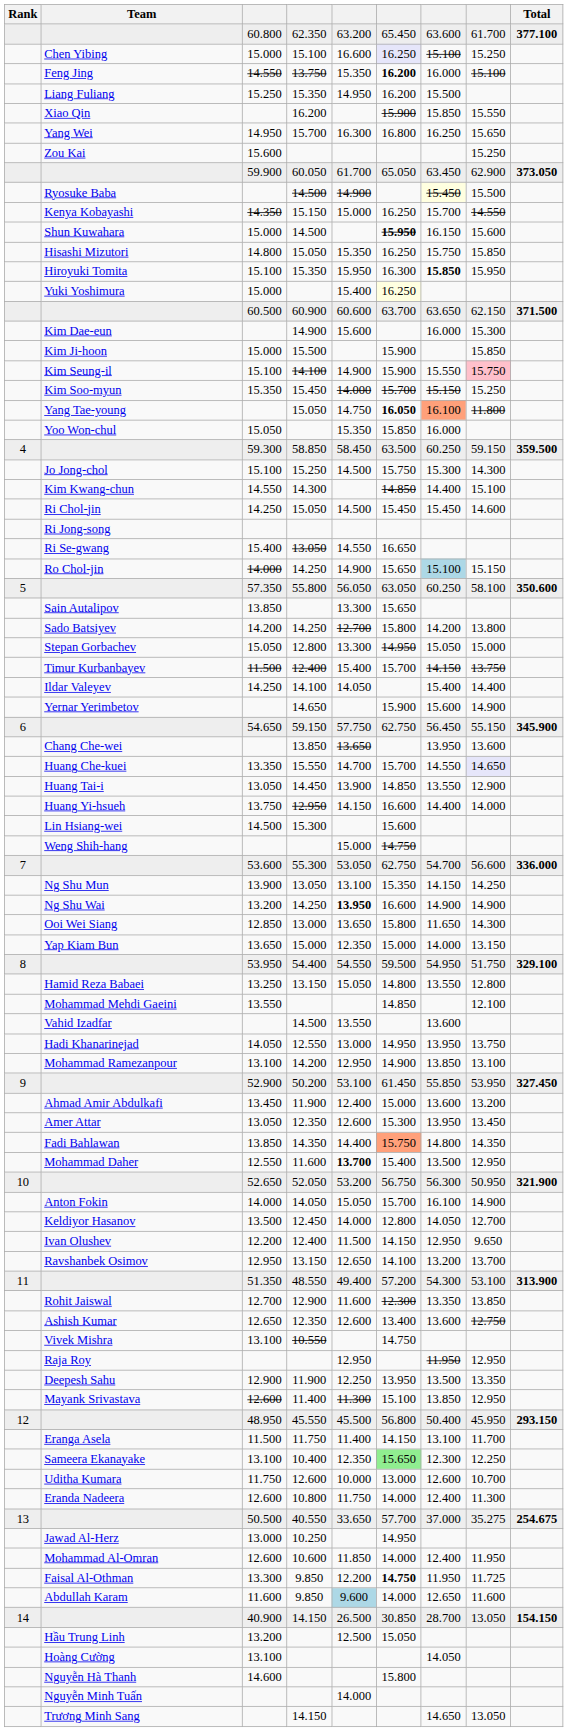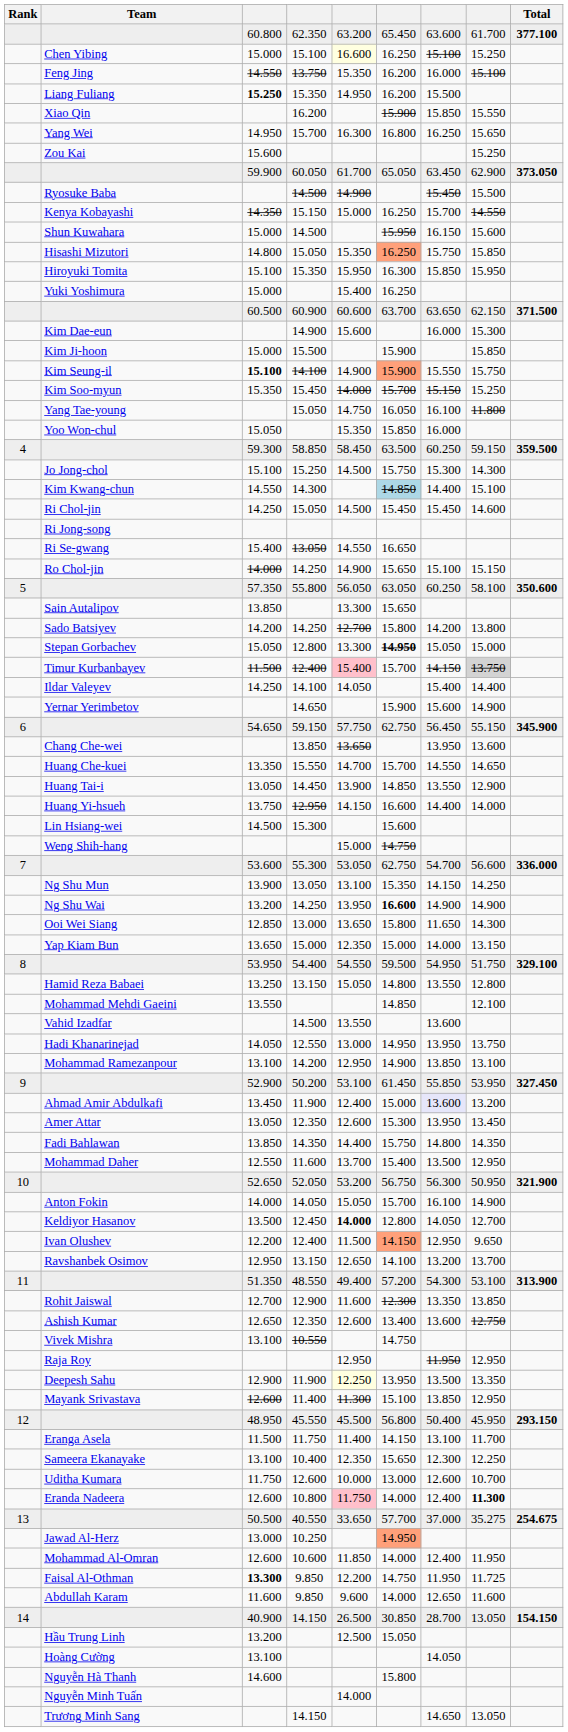 <table class=wikitable style="text-align:center">
 <tr>
 <th width=40>Rank</th>
 <th width=250>Team</th>
 <th width=50></th>
 <th width=50></th>
 <th width=50></th>
 <th width=50></th>
 <th width=50></th>
 <th width=50></th>
 <th width=60>Total</th>
 </tr>
 <tr bgcolor=eeeeee>
 <td></td>
 <td align=left></td>
 <td>60.800</td>
 <td>62.350</td>
 <td>63.200</td>
 <td>65.450</td>
 <td>63.600</td>
 <td>61.700</td>
 <td><strong>377.100</strong></td>
 </tr>
 <tr>
 <td></td>
 <td align=left><a href='#'>Chen Yibing</a></td>
 <td>15.000</td>
 <td>15.100</td>
-<td>16.600</td>
-<td style="background: lavender;">16.250</td>
+<td style="background: lightyellow;">16.600</td>
+<td>16.250</td>
 <td><s>15.100</s></td>
 <td>15.250</td>
 <td></td>
 </tr>
 <tr>
 <td></td>
 <td align=left><a href='#'>Feng Jing</a></td>
 <td><s>14.550</s></td>
 <td><s>13.750</s></td>
 <td>15.350</td>
-<td><strong>16.200</strong></td>
+<td>16.200</td>
 <td>16.000</td>
 <td><s>15.100</s></td>
 <td></td>
 </tr>
 <tr>
 <td></td>
 <td align=left><a href='#'>Liang Fuliang</a></td>
-<td>15.250</td>
+<td><strong>15.250</strong></td>
 <td>15.350</td>
 <td>14.950</td>
 <td>16.200</td>
 <td>15.500</td>
 <td></td>
 <td></td>
 </tr>
 <tr>
 <td></td>
 <td align=left><a href='#'>Xiao Qin</a></td>
 <td></td>
 <td>16.200</td>
 <td></td>
 <td><s>15.900</s></td>
 <td>15.850</td>
 <td>15.550</td>
 <td></td>
 </tr>
 <tr>
 <td></td>
 <td align=left><a href='#'>Yang Wei</a></td>
 <td>14.950</td>
 <td>15.700</td>
 <td>16.300</td>
 <td>16.800</td>
 <td>16.250</td>
 <td>15.650</td>
 <td></td>
 </tr>
 <tr>
 <td></td>
 <td align=left><a href='#'>Zou Kai</a></td>
 <td>15.600</td>
 <td></td>
 <td></td>
 <td></td>
 <td></td>
 <td>15.250</td>
 <td></td>
 </tr>
 <tr bgcolor=eeeeee>
 <td></td>
 <td align=left></td>
 <td>59.900</td>
 <td>60.050</td>
 <td>61.700</td>
 <td>65.050</td>
 <td>63.450</td>
 <td>62.900</td>
 <td><strong>373.050</strong></td>
 </tr>
 <tr>
 <td></td>
 <td align=left><a href='#'>Ryosuke Baba</a></td>
 <td></td>
 <td><s>14.500</s></td>
 <td><s>14.900</s></td>
 <td></td>
-<td style="background: lightyellow;"><s>15.450</s></td>
+<td><s>15.450</s></td>
 <td>15.500</td>
 <td></td>
 </tr>
 <tr>
 <td></td>
 <td align=left><a href='#'>Kenya Kobayashi</a></td>
 <td><s>14.350</s></td>
 <td>15.150</td>
 <td>15.000</td>
 <td>16.250</td>
 <td>15.700</td>
 <td><s>14.550</s></td>
 <td></td>
 </tr>
 <tr>
 <td></td>
 <td align=left><a href='#'>Shun Kuwahara</a></td>
 <td>15.000</td>
 <td>14.500</td>
 <td></td>
-<td><strong><s>15.950</s></strong></td>
+<td><s>15.950</s></td>
 <td>16.150</td>
 <td>15.600</td>
 <td></td>
 </tr>
 <tr>
 <td></td>
 <td align=left><a href='#'>Hisashi Mizutori</a></td>
 <td>14.800</td>
 <td>15.050</td>
 <td>15.350</td>
-<td>16.250</td>
+<td style="background: lightsalmon;">16.250</td>
 <td>15.750</td>
 <td>15.850</td>
 <td></td>
 </tr>
 <tr>
 <td></td>
 <td align=left><a href='#'>Hiroyuki Tomita</a></td>
 <td>15.100</td>
 <td>15.350</td>
 <td>15.950</td>
 <td>16.300</td>
-<td><strong>15.850</strong></td>
+<td>15.850</td>
 <td>15.950</td>
 <td></td>
 </tr>
 <tr>
 <td></td>
 <td align=left><a href='#'>Yuki Yoshimura</a></td>
 <td>15.000</td>
 <td></td>
 <td>15.400</td>
-<td style="background: lightyellow;">16.250</td>
+<td>16.250</td>
 <td></td>
 <td></td>
 <td></td>
 </tr>
 <tr bgcolor=eeeeee>
 <td></td>
 <td align=left></td>
 <td>60.500</td>
 <td>60.900</td>
 <td>60.600</td>
 <td>63.700</td>
 <td>63.650</td>
 <td>62.150</td>
 <td><strong>371.500</strong></td>
 </tr>
 <tr>
 <td></td>
 <td align=left><a href='#'>Kim Dae-eun</a></td>
 <td></td>
 <td>14.900</td>
 <td>15.600</td>
 <td></td>
 <td>16.000</td>
 <td>15.300</td>
 <td></td>
 </tr>
 <tr>
 <td></td>
 <td align=left><a href='#'>Kim Ji-hoon</a></td>
 <td>15.000</td>
 <td>15.500</td>
 <td></td>
 <td>15.900</td>
 <td></td>
 <td>15.850</td>
 <td></td>
 </tr>
 <tr>
 <td></td>
 <td align=left><a href='#'>Kim Seung-il</a></td>
-<td>15.100</td>
+<td><strong>15.100</strong></td>
 <td><s>14.100</s></td>
 <td>14.900</td>
-<td>15.900</td>
+<td style="background: lightsalmon;">15.900</td>
 <td>15.550</td>
-<td style="background: pink;">15.750</td>
+<td>15.750</td>
 <td></td>
 </tr>
 <tr>
 <td></td>
 <td align=left><a href='#'>Kim Soo-myun</a></td>
 <td>15.350</td>
 <td>15.450</td>
 <td><s>14.000</s></td>
 <td><s>15.700</s></td>
 <td><s>15.150</s></td>
 <td>15.250</td>
 <td></td>
 </tr>
 <tr>
 <td></td>
 <td align=left><a href='#'>Yang Tae-young</a></td>
 <td></td>
 <td>15.050</td>
 <td>14.750</td>
-<td><strong>16.050</strong></td>
-<td style="background: lightsalmon;">16.100</td>
+<td>16.050</td>
+<td>16.100</td>
 <td><s>11.800</s></td>
 <td></td>
 </tr>
 <tr>
 <td></td>
 <td align=left><a href='#'>Yoo Won-chul</a></td>
 <td>15.050</td>
 <td></td>
 <td>15.350</td>
 <td>15.850</td>
 <td>16.000</td>
 <td></td>
 <td></td>
 </tr>
 <tr bgcolor=eeeeee>
 <td>4</td>
 <td align=left></td>
 <td>59.300</td>
 <td>58.850</td>
 <td>58.450</td>
 <td>63.500</td>
 <td>60.250</td>
 <td>59.150</td>
 <td><strong>359.500</strong></td>
 </tr>
 <tr>
 <td></td>
 <td align=left><a href='#'>Jo Jong-chol</a></td>
 <td>15.100</td>
 <td>15.250</td>
 <td>14.500</td>
 <td>15.750</td>
 <td>15.300</td>
 <td>14.300</td>
 <td></td>
 </tr>
 <tr>
 <td></td>
 <td align=left><a href='#'>Kim Kwang-chun</a></td>
 <td>14.550</td>
 <td>14.300</td>
 <td></td>
-<td><s>14.850</s></td>
+<td style="background: lightblue;"><s>14.850</s></td>
 <td>14.400</td>
 <td>15.100</td>
 <td></td>
 </tr>
 <tr>
 <td></td>
 <td align=left><a href='#'>Ri Chol-jin</a></td>
 <td>14.250</td>
 <td>15.050</td>
 <td>14.500</td>
 <td>15.450</td>
 <td>15.450</td>
 <td>14.600</td>
 <td></td>
 </tr>
 <tr>
 <td></td>
 <td align=left><a href='#'>Ri Jong-song</a></td>
 <td></td>
 <td></td>
 <td></td>
 <td></td>
 <td></td>
 <td></td>
 <td></td>
 </tr>
 <tr>
 <td></td>
 <td align=left><a href='#'>Ri Se-gwang</a></td>
 <td>15.400</td>
 <td><s>13.050</s></td>
 <td>14.550</td>
 <td>16.650</td>
 <td></td>
 <td></td>
 <td></td>
 </tr>
 <tr>
 <td></td>
 <td align=left><a href='#'>Ro Chol-jin</a></td>
 <td><s>14.000</s></td>
 <td>14.250</td>
 <td>14.900</td>
 <td>15.650</td>
-<td style="background: lightblue;">15.100</td>
+<td>15.100</td>
 <td>15.150</td>
 <td></td>
 </tr>
 <tr bgcolor=eeeeee>
 <td>5</td>
 <td align=left></td>
 <td>57.350</td>
 <td>55.800</td>
 <td>56.050</td>
 <td>63.050</td>
 <td>60.250</td>
 <td>58.100</td>
 <td><strong>350.600</strong></td>
 </tr>
 <tr>
 <td></td>
 <td align=left><a href='#'>Sain Autalipov</a></td>
 <td>13.850</td>
 <td></td>
 <td>13.300</td>
 <td>15.650</td>
 <td></td>
 <td></td>
 <td></td>
 </tr>
 <tr>
 <td></td>
 <td align=left><a href='#'>Sado Batsiyev</a></td>
 <td>14.200</td>
 <td>14.250</td>
 <td><s>12.700</s></td>
 <td>15.800</td>
 <td>14.200</td>
 <td>13.800</td>
 <td></td>
 </tr>
 <tr>
 <td></td>
 <td align=left><a href='#'>Stepan Gorbachev</a></td>
 <td>15.050</td>
 <td>12.800</td>
 <td>13.300</td>
-<td><s>14.950</s></td>
+<td><strong><s>14.950</s></strong></td>
 <td>15.050</td>
 <td>15.000</td>
 <td></td>
 </tr>
 <tr>
 <td></td>
 <td align=left><a href='#'>Timur Kurbanbayev</a></td>
 <td><s>11.500</s></td>
 <td><s>12.400</s></td>
-<td>15.400</td>
+<td style="background: pink;">15.400</td>
 <td>15.700</td>
 <td><s>14.150</s></td>
-<td><s>13.750</s></td>
+<td style="background: lightgrey;"><s>13.750</s></td>
 <td></td>
 </tr>
 <tr>
 <td></td>
 <td align=left><a href='#'>Ildar Valeyev</a></td>
 <td>14.250</td>
 <td>14.100</td>
 <td>14.050</td>
 <td></td>
 <td>15.400</td>
 <td>14.400</td>
 <td></td>
 </tr>
 <tr>
 <td></td>
 <td align=left><a href='#'>Yernar Yerimbetov</a></td>
 <td></td>
 <td>14.650</td>
 <td></td>
 <td>15.900</td>
 <td>15.600</td>
 <td>14.900</td>
 <td></td>
 </tr>
 <tr bgcolor=eeeeee>
 <td>6</td>
 <td align=left></td>
 <td>54.650</td>
 <td>59.150</td>
 <td>57.750</td>
 <td>62.750</td>
 <td>56.450</td>
 <td>55.150</td>
 <td><strong>345.900</strong></td>
 </tr>
 <tr>
 <td></td>
 <td align=left><a href='#'>Chang Che-wei</a></td>
 <td></td>
 <td>13.850</td>
 <td><s>13.650</s></td>
 <td></td>
 <td>13.950</td>
 <td>13.600</td>
 <td></td>
 </tr>
 <tr>
 <td></td>
 <td align=left><a href='#'>Huang Che-kuei</a></td>
 <td>13.350</td>
 <td>15.550</td>
 <td>14.700</td>
 <td>15.700</td>
 <td>14.550</td>
-<td style="background: lavender;">14.650</td>
+<td>14.650</td>
 <td></td>
 </tr>
 <tr>
 <td></td>
 <td align=left><a href='#'>Huang Tai-i</a></td>
 <td>13.050</td>
 <td>14.450</td>
 <td>13.900</td>
 <td>14.850</td>
 <td>13.550</td>
 <td>12.900</td>
 <td></td>
 </tr>
 <tr>
 <td></td>
 <td align=left><a href='#'>Huang Yi-hsueh</a></td>
 <td>13.750</td>
 <td><s>12.950</s></td>
 <td>14.150</td>
 <td>16.600</td>
 <td>14.400</td>
 <td>14.000</td>
 <td></td>
 </tr>
 <tr>
 <td></td>
 <td align=left><a href='#'>Lin Hsiang-wei</a></td>
 <td>14.500</td>
 <td>15.300</td>
 <td></td>
 <td>15.600</td>
 <td></td>
 <td></td>
 <td></td>
 </tr>
 <tr>
 <td></td>
 <td align=left><a href='#'>Weng Shih-hang</a></td>
 <td></td>
 <td></td>
 <td>15.000</td>
 <td><s>14.750</s></td>
 <td></td>
 <td></td>
 <td></td>
 </tr>
 <tr bgcolor=eeeeee>
 <td>7</td>
 <td align=left></td>
 <td>53.600</td>
 <td>55.300</td>
 <td>53.050</td>
 <td>62.750</td>
 <td>54.700</td>
 <td>56.600</td>
 <td><strong>336.000</strong></td>
 </tr>
 <tr>
 <td></td>
 <td align=left><a href='#'>Ng Shu Mun</a></td>
 <td>13.900</td>
 <td>13.050</td>
 <td>13.100</td>
 <td>15.350</td>
 <td>14.150</td>
 <td>14.250</td>
 <td></td>
 </tr>
 <tr>
 <td></td>
 <td align=left><a href='#'>Ng Shu Wai</a></td>
 <td>13.200</td>
 <td>14.250</td>
-<td><strong>13.950</strong></td>
-<td>16.600</td>
+<td>13.950</td>
+<td><strong>16.600</strong></td>
 <td>14.900</td>
 <td>14.900</td>
 <td></td>
 </tr>
 <tr>
 <td></td>
 <td align=left><a href='#'>Ooi Wei Siang</a></td>
 <td>12.850</td>
 <td>13.000</td>
 <td>13.650</td>
 <td>15.800</td>
 <td>11.650</td>
 <td>14.300</td>
 <td></td>
 </tr>
 <tr>
 <td></td>
 <td align=left><a href='#'>Yap Kiam Bun</a></td>
 <td>13.650</td>
 <td>15.000</td>
 <td>12.350</td>
 <td>15.000</td>
 <td>14.000</td>
 <td>13.150</td>
 <td></td>
 </tr>
 <tr bgcolor=eeeeee>
 <td>8</td>
 <td align=left></td>
 <td>53.950</td>
 <td>54.400</td>
 <td>54.550</td>
 <td>59.500</td>
 <td>54.950</td>
 <td>51.750</td>
 <td><strong>329.100</strong></td>
 </tr>
 <tr>
 <td></td>
 <td align=left><a href='#'>Hamid Reza Babaei</a></td>
 <td>13.250</td>
 <td>13.150</td>
 <td>15.050</td>
 <td>14.800</td>
 <td>13.550</td>
 <td>12.800</td>
 <td></td>
 </tr>
 <tr>
 <td></td>
 <td align=left><a href='#'>Mohammad Mehdi Gaeini</a></td>
 <td>13.550</td>
 <td></td>
 <td></td>
 <td>14.850</td>
 <td></td>
 <td>12.100</td>
 <td></td>
 </tr>
 <tr>
 <td></td>
 <td align=left><a href='#'>Vahid Izadfar</a></td>
 <td></td>
 <td>14.500</td>
 <td>13.550</td>
 <td></td>
 <td>13.600</td>
 <td></td>
 <td></td>
 </tr>
 <tr>
 <td></td>
 <td align=left><a href='#'>Hadi Khanarinejad</a></td>
 <td>14.050</td>
 <td>12.550</td>
 <td>13.000</td>
 <td>14.950</td>
 <td>13.950</td>
 <td>13.750</td>
 <td></td>
 </tr>
 <tr>
 <td></td>
 <td align=left><a href='#'>Mohammad Ramezanpour</a></td>
 <td>13.100</td>
 <td>14.200</td>
 <td>12.950</td>
 <td>14.900</td>
 <td>13.850</td>
 <td>13.100</td>
 <td></td>
 </tr>
 <tr bgcolor=eeeeee>
 <td>9</td>
 <td align=left></td>
 <td>52.900</td>
 <td>50.200</td>
 <td>53.100</td>
 <td>61.450</td>
 <td>55.850</td>
 <td>53.950</td>
 <td><strong>327.450</strong></td>
 </tr>
 <tr>
 <td></td>
 <td align=left><a href='#'>Ahmad Amir Abdulkafi</a></td>
 <td>13.450</td>
 <td>11.900</td>
 <td>12.400</td>
 <td>15.000</td>
-<td>13.600</td>
+<td style="background: lavender;">13.600</td>
 <td>13.200</td>
 <td></td>
 </tr>
 <tr>
 <td></td>
 <td align=left><a href='#'>Amer Attar</a></td>
 <td>13.050</td>
 <td>12.350</td>
 <td>12.600</td>
 <td>15.300</td>
 <td>13.950</td>
 <td>13.450</td>
 <td></td>
 </tr>
 <tr>
 <td></td>
 <td align=left><a href='#'>Fadi Bahlawan</a></td>
 <td>13.850</td>
 <td>14.350</td>
 <td>14.400</td>
-<td style="background: lightsalmon;">15.750</td>
+<td>15.750</td>
 <td>14.800</td>
 <td>14.350</td>
 <td></td>
 </tr>
 <tr>
 <td></td>
 <td align=left><a href='#'>Mohammad Daher</a></td>
 <td>12.550</td>
 <td>11.600</td>
-<td><strong>13.700</strong></td>
+<td>13.700</td>
 <td>15.400</td>
 <td>13.500</td>
 <td>12.950</td>
 <td></td>
 </tr>
 <tr bgcolor=eeeeee>
 <td>10</td>
 <td align=left></td>
 <td>52.650</td>
 <td>52.050</td>
 <td>53.200</td>
 <td>56.750</td>
 <td>56.300</td>
 <td>50.950</td>
 <td><strong>321.900</strong></td>
 </tr>
 <tr>
 <td></td>
 <td align=left><a href='#'>Anton Fokin</a></td>
 <td>14.000</td>
 <td>14.050</td>
 <td>15.050</td>
 <td>15.700</td>
 <td>16.100</td>
 <td>14.900</td>
 <td></td>
 </tr>
 <tr>
 <td></td>
 <td align=left><a href='#'>Keldiyor Hasanov</a></td>
 <td>13.500</td>
 <td>12.450</td>
-<td>14.000</td>
+<td><strong>14.000</strong></td>
 <td>12.800</td>
 <td>14.050</td>
 <td>12.700</td>
 <td></td>
 </tr>
 <tr>
 <td></td>
 <td align=left><a href='#'>Ivan Olushev</a></td>
 <td>12.200</td>
 <td>12.400</td>
 <td>11.500</td>
-<td>14.150</td>
+<td style="background: lightsalmon;">14.150</td>
 <td>12.950</td>
 <td>9.650</td>
 <td></td>
 </tr>
 <tr>
 <td></td>
 <td align=left><a href='#'>Ravshanbek Osimov</a></td>
 <td>12.950</td>
 <td>13.150</td>
 <td>12.650</td>
 <td>14.100</td>
 <td>13.200</td>
 <td>13.700</td>
 <td></td>
 </tr>
 <tr bgcolor=eeeeee>
 <td>11</td>
 <td align=left></td>
 <td>51.350</td>
 <td>48.550</td>
 <td>49.400</td>
 <td>57.200</td>
 <td>54.300</td>
 <td>53.100</td>
 <td><strong>313.900</strong></td>
 </tr>
 <tr>
 <td></td>
 <td align=left><a href='#'>Rohit Jaiswal</a></td>
 <td>12.700</td>
 <td>12.900</td>
 <td>11.600</td>
 <td><s>12.300</s></td>
 <td>13.350</td>
 <td>13.850</td>
 <td></td>
 </tr>
 <tr>
 <td></td>
 <td align=left><a href='#'>Ashish Kumar</a></td>
 <td>12.650</td>
 <td>12.350</td>
 <td>12.600</td>
 <td>13.400</td>
 <td>13.600</td>
 <td><s>12.750</s></td>
 <td></td>
 </tr>
 <tr>
 <td></td>
 <td align=left><a href='#'>Vivek Mishra</a></td>
 <td>13.100</td>
 <td><s>10.550</s></td>
 <td></td>
 <td>14.750</td>
 <td></td>
 <td></td>
 <td></td>
 </tr>
 <tr>
 <td></td>
 <td align=left><a href='#'>Raja Roy</a></td>
 <td></td>
 <td></td>
 <td>12.950</td>
 <td></td>
 <td><s>11.950</s></td>
 <td>12.950</td>
 <td></td>
 </tr>
 <tr>
 <td></td>
 <td align=left><a href='#'>Deepesh Sahu</a></td>
 <td>12.900</td>
 <td>11.900</td>
-<td>12.250</td>
+<td style="background: lightyellow;">12.250</td>
 <td>13.950</td>
 <td>13.500</td>
 <td>13.350</td>
 <td></td>
 </tr>
 <tr>
 <td></td>
 <td align=left><a href='#'>Mayank Srivastava</a></td>
 <td><s>12.600</s></td>
 <td>11.400</td>
 <td><s>11.300</s></td>
 <td>15.100</td>
 <td>13.850</td>
 <td>12.950</td>
 <td></td>
 </tr>
 <tr bgcolor=eeeeee>
 <td>12</td>
 <td align=left></td>
 <td>48.950</td>
 <td>45.550</td>
 <td>45.500</td>
 <td>56.800</td>
 <td>50.400</td>
 <td>45.950</td>
 <td><strong>293.150</strong></td>
 </tr>
 <tr>
 <td></td>
 <td align=left><a href='#'>Eranga Asela</a></td>
 <td>11.500</td>
 <td>11.750</td>
 <td>11.400</td>
 <td>14.150</td>
 <td>13.100</td>
 <td>11.700</td>
 <td></td>
 </tr>
 <tr>
 <td></td>
 <td align=left><a href='#'>Sameera Ekanayake</a></td>
 <td>13.100</td>
 <td>10.400</td>
 <td>12.350</td>
-<td style="background: lightgreen;">15.650</td>
+<td>15.650</td>
 <td>12.300</td>
 <td>12.250</td>
 <td></td>
 </tr>
 <tr>
 <td></td>
 <td align=left><a href='#'>Uditha Kumara</a></td>
 <td>11.750</td>
 <td>12.600</td>
 <td>10.000</td>
 <td>13.000</td>
 <td>12.600</td>
 <td>10.700</td>
 <td></td>
 </tr>
 <tr>
 <td></td>
 <td align=left><a href='#'>Eranda Nadeera</a></td>
 <td>12.600</td>
 <td>10.800</td>
-<td>11.750</td>
+<td style="background: pink;">11.750</td>
 <td>14.000</td>
 <td>12.400</td>
-<td>11.300</td>
+<td><strong>11.300</strong></td>
 <td></td>
 </tr>
 <tr bgcolor=eeeeee>
 <td>13</td>
 <td align=left></td>
 <td>50.500</td>
 <td>40.550</td>
 <td>33.650</td>
 <td>57.700</td>
 <td>37.000</td>
 <td>35.275</td>
 <td><strong>254.675</strong></td>
 </tr>
 <tr>
 <td></td>
 <td align=left><a href='#'>Jawad Al-Herz</a></td>
 <td>13.000</td>
 <td>10.250</td>
 <td></td>
-<td>14.950</td>
+<td style="background: lightsalmon;">14.950</td>
 <td></td>
 <td></td>
 <td></td>
 </tr>
 <tr>
 <td></td>
 <td align=left><a href='#'>Mohammad Al-Omran</a></td>
 <td>12.600</td>
 <td>10.600</td>
 <td>11.850</td>
 <td>14.000</td>
 <td>12.400</td>
 <td>11.950</td>
 <td></td>
 </tr>
 <tr>
 <td></td>
 <td align=left><a href='#'>Faisal Al-Othman</a></td>
-<td>13.300</td>
+<td><strong>13.300</strong></td>
 <td>9.850</td>
 <td>12.200</td>
-<td><strong>14.750</strong></td>
+<td>14.750</td>
 <td>11.950</td>
 <td>11.725</td>
 <td></td>
 </tr>
 <tr>
 <td></td>
 <td align=left><a href='#'>Abdullah Karam</a></td>
 <td>11.600</td>
 <td>9.850</td>
-<td style="background: lightblue;">9.600</td>
+<td>9.600</td>
 <td>14.000</td>
 <td>12.650</td>
 <td>11.600</td>
 <td></td>
 </tr>
 <tr bgcolor=eeeeee>
 <td>14</td>
 <td align=left></td>
 <td>40.900</td>
 <td>14.150</td>
 <td>26.500</td>
 <td>30.850</td>
 <td>28.700</td>
 <td>13.050</td>
 <td><strong>154.150</strong></td>
 </tr>
 <tr>
 <td></td>
 <td align=left><a href='#'>Hầu Trung Linh</a></td>
 <td>13.200</td>
 <td></td>
 <td>12.500</td>
 <td>15.050</td>
 <td></td>
 <td></td>
 <td></td>
 </tr>
 <tr>
 <td></td>
 <td align=left><a href='#'>Hoàng Cường</a></td>
 <td>13.100</td>
 <td></td>
 <td></td>
 <td></td>
 <td>14.050</td>
 <td></td>
 <td></td>
 </tr>
 <tr>
 <td></td>
 <td align=left><a href='#'>Nguyễn Hà Thanh</a></td>
 <td>14.600</td>
 <td></td>
 <td></td>
 <td>15.800</td>
 <td></td>
 <td></td>
 <td></td>
 </tr>
 <tr>
 <td></td>
 <td align=left><a href='#'>Nguyễn Minh Tuấn</a></td>
 <td></td>
 <td></td>
 <td>14.000</td>
 <td></td>
 <td></td>
 <td></td>
 <td></td>
 </tr>
 <tr>
 <td></td>
 <td align=left><a href='#'>Trương Minh Sang</a></td>
 <td></td>
 <td>14.150</td>
 <td></td>
 <td></td>
 <td>14.650</td>
 <td>13.050</td>
 <td></td>
 </tr>
 </table>
